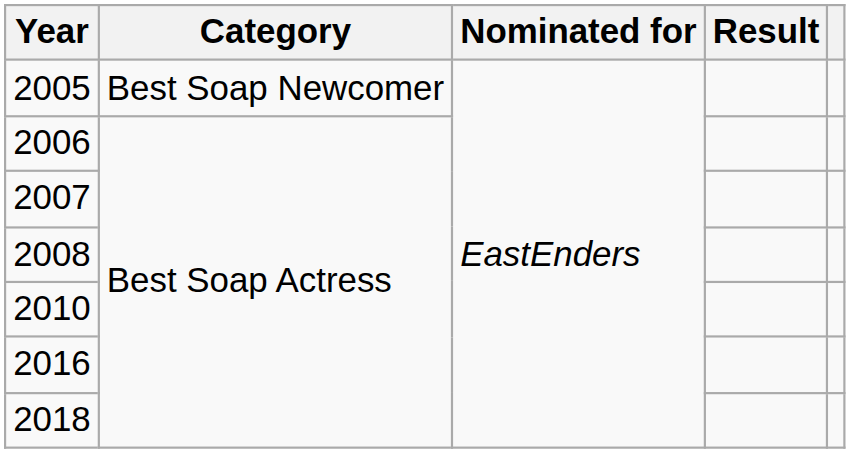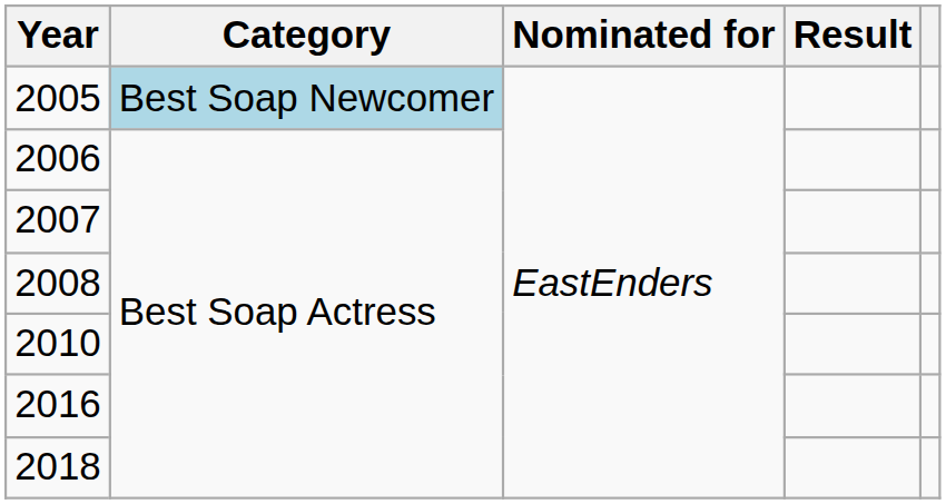 <table class="wikitable plainrowheaders">
 <tr>
 <th scope="col">Year</th>
 <th scope="col">Category</th>
 <th scope="col">Nominated for</th>
 <th scope="col">Result</th>
 <th scope="col"></th>
 </tr>
 <tr>
 <td align="center">2005</td>
-<td>Best Soap Newcomer</td>
+<td style="background: lightblue;">Best Soap Newcomer</td>
 <td rowspan="7"><em>EastEnders</em></td>
 <td></td>
 <td align="center"></td>
 </tr>
 <tr>
 <td align="center">2006</td>
 <td rowspan="6">Best Soap Actress</td>
 <td></td>
 <td align="center"></td>
 </tr>
 <tr>
 <td align="center">2007</td>
 <td></td>
 <td align="center"></td>
 </tr>
 <tr>
 <td align="center">2008</td>
 <td></td>
 <td align="center"></td>
 </tr>
 <tr>
 <td align="center">2010</td>
 <td></td>
 <td align="center"></td>
 </tr>
 <tr>
 <td align="center">2016</td>
 <td></td>
 <td align="center"></td>
 </tr>
 <tr>
 <td align="center">2018</td>
 <td></td>
 <td align="center"></td>
 </tr>
 </table>
